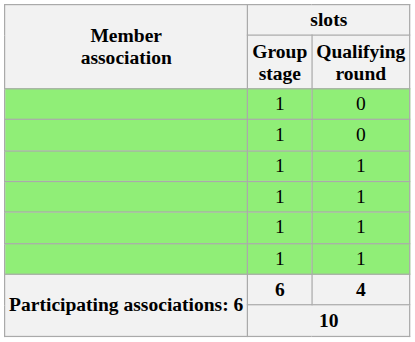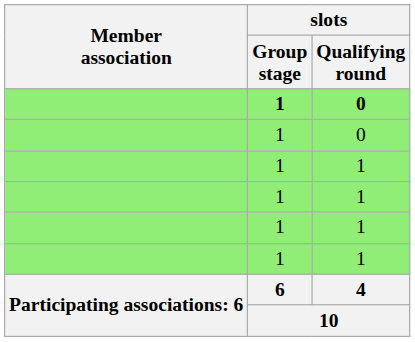 <table class="wikitable" style="text-align:center">
 <tr>
 <th rowspan=2>Member<br>association</th>
 <th colspan=2>slots</th>
 </tr>
 <tr>
 <th>Group<br>stage</th>
 <th>Qualifying<br>round</th>
 </tr>
 <tr bgcolor=#90ee77>
 <td align=left></td>
-<td>1</td>
-<td>0</td>
+<td><strong>1</strong></td>
+<td><strong>0</strong></td>
 </tr>
 <tr bgcolor=#90ee77>
 <td align=left></td>
 <td>1</td>
 <td>0</td>
 </tr>
 <tr bgcolor=#90ee77>
 <td align=left></td>
 <td>1</td>
 <td>1</td>
 </tr>
 <tr bgcolor=#90ee77>
 <td align=left></td>
 <td>1</td>
 <td>1</td>
 </tr>
 <tr bgcolor=#90ee77>
 <td align=left></td>
 <td>1</td>
 <td>1</td>
 </tr>
 <tr bgcolor=#90ee77>
 <td align=left></td>
 <td>1</td>
 <td>1</td>
 </tr>
 <tr>
 <th rowspan=2>Participating associations: 6</th>
 <th>6</th>
 <th>4</th>
 </tr>
 <tr>
 <th colspan=2>10</th>
 </tr>
 </table>
